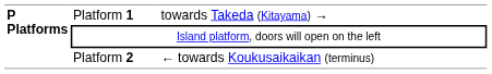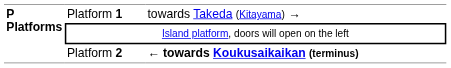 <table border=0 cellspacing=0 cellpadding=3>
 <tr>
 <td style="border-top:solid 1px gray;border-bottom:solid 1px gray;width:50px;vertical-align:top;" rowspan=3><strong>P<br>Platforms</strong></td>
 <td style="border-top:solid 1px gray;width:100px;">Platform <span><strong>1</strong></span></td>
 <td style="border-top:solid 1px gray;width:390px;">  towards <a href='#'>Takeda</a> <small>(<a href='#'>Kitayama</a>)</small> →</td>
 </tr>
 <tr>
 <td style="border-top:solid 2px black;border-right:solid 2px black;border-left:solid 2px black;border-bottom:solid 2px black;text-align:center;" colspan=2><small><a href='#'>Island platform</a>, doors will open on the left</small></td>
 </tr>
 <tr>
 <td style="border-bottom:solid 1px gray;">Platform <span><strong>2</strong></span></td>
-<td style="border-bottom:solid 1px gray;">←  towards <a href='#'>Koukusaikaikan</a> <small>(terminus)</small></td>
+<td style="border-bottom:solid 1px gray;"><strong>←  towards <a href='#'>Koukusaikaikan</a> <small>(terminus)</small></strong></td>
 </tr>
 </table>
